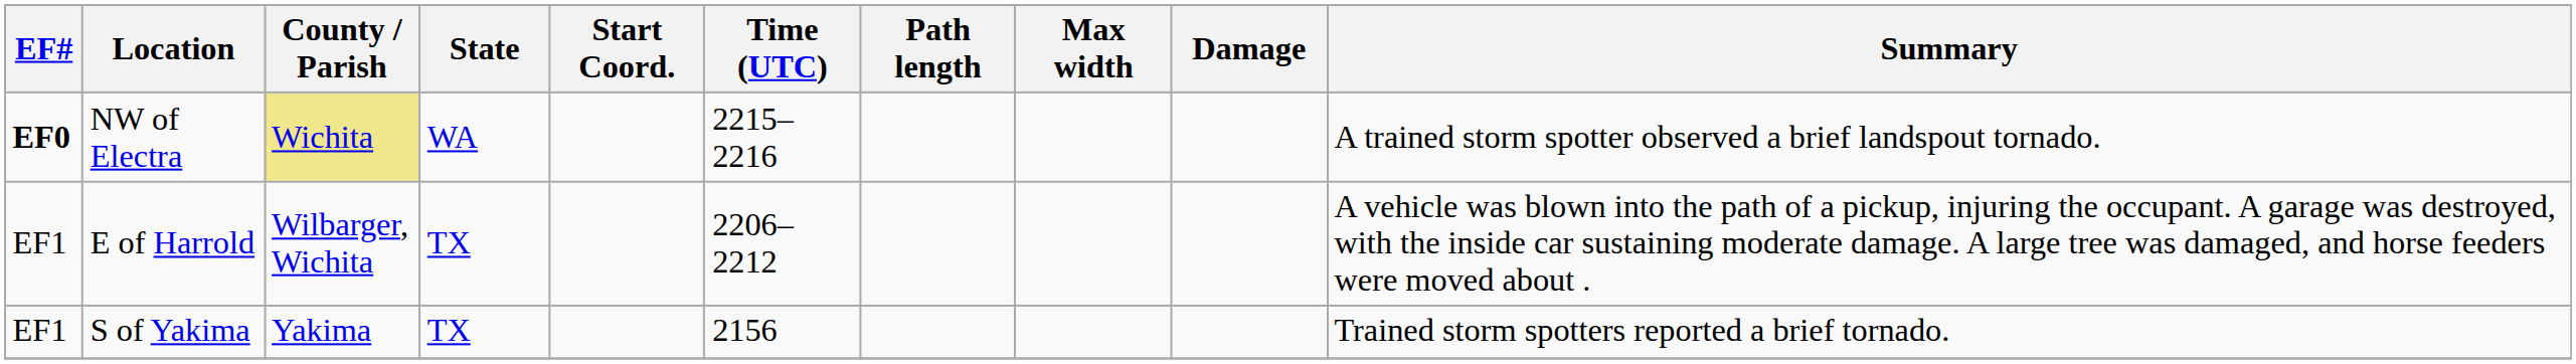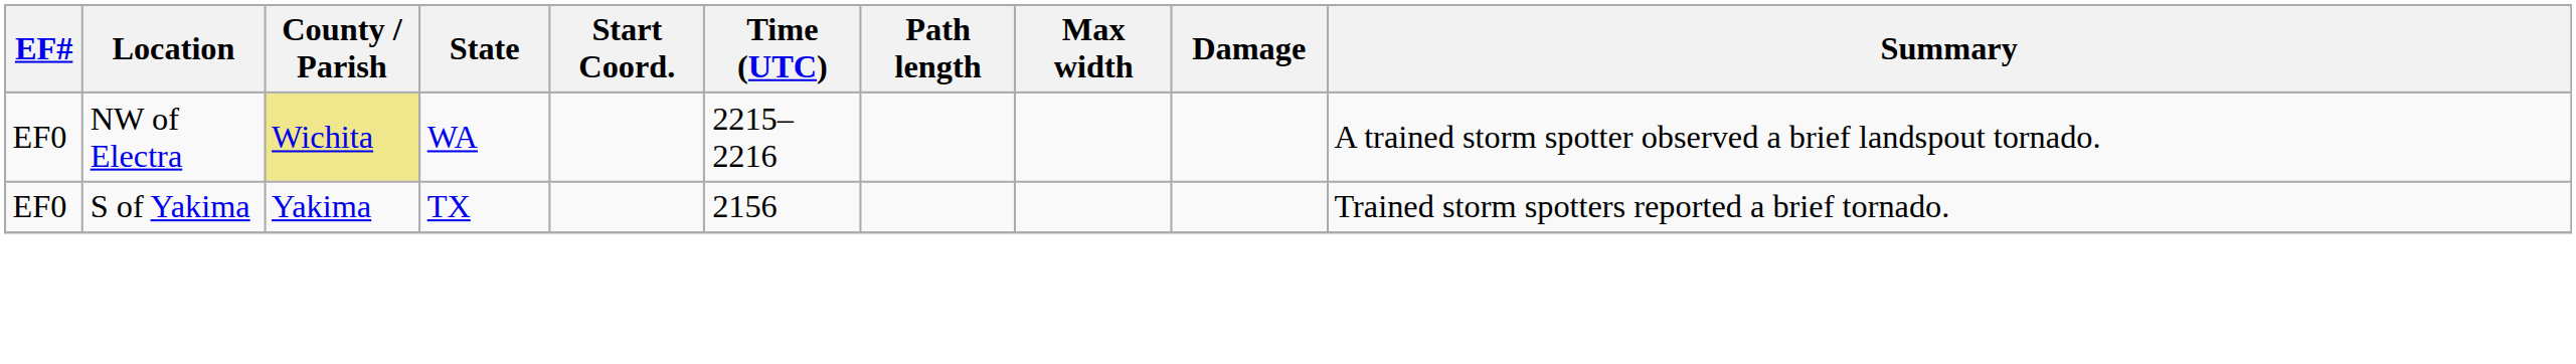 <table class="wikitable sortable" style="width:100%;">
 <tr>
 <th scope="col" width="3%" align="center"><a href='#'>EF#</a></th>
 <th scope="col" width="7%" align="center" class="unsortable">Location</th>
 <th scope="col" width="6%" align="center" class="unsortable">County / Parish</th>
 <th scope="col" width="5%" align="center">State</th>
 <th scope="col" width="6%" align="center">Start Coord.</th>
 <th scope="col" width="6%" align="center">Time (<a href='#'>UTC</a>)</th>
 <th scope="col" width="6%" align="center">Path length</th>
 <th scope="col" width="6%" align="center">Max width</th>
 <th scope="col" width="6%" align="center">Damage</th>
 <th scope="col" width="48%" class="unsortable" align="center">Summary</th>
 </tr>
 <tr>
-<td><strong>EF0</strong></td>
+<td>EF0</td>
 <td>NW of <a href='#'>Electra</a></td>
 <td style="background: khaki;"><a href='#'>Wichita</a></td>
 <td><a href='#'>WA</a></td>
 <td></td>
 <td>2215–2216</td>
 <td></td>
 <td></td>
 <td></td>
 <td>A trained storm spotter observed a brief landspout tornado.</td>
 </tr>
 <tr>
-<td>EF1</td>
-<td>E of <a href='#'>Harrold</a></td>
-<td><a href='#'>Wilbarger</a>, <a href='#'>Wichita</a></td>
-<td><a href='#'>TX</a></td>
-<td></td>
-<td>2206–2212</td>
-<td></td>
-<td></td>
-<td></td>
-<td>A vehicle was blown into the path of a pickup, injuring the occupant. A garage was destroyed, with the inside car sustaining moderate damage. A large tree was damaged, and horse feeders were moved about .</td>
-</tr>
-<tr>
-<td>EF1</td>
+<td>EF0</td>
 <td>S of <a href='#'>Yakima</a></td>
 <td><a href='#'>Yakima</a></td>
 <td><a href='#'>TX</a></td>
 <td></td>
 <td>2156</td>
 <td></td>
 <td></td>
 <td></td>
 <td>Trained storm spotters reported a brief tornado.</td>
 </tr>
 <tr>
 </tr>
 </table>
